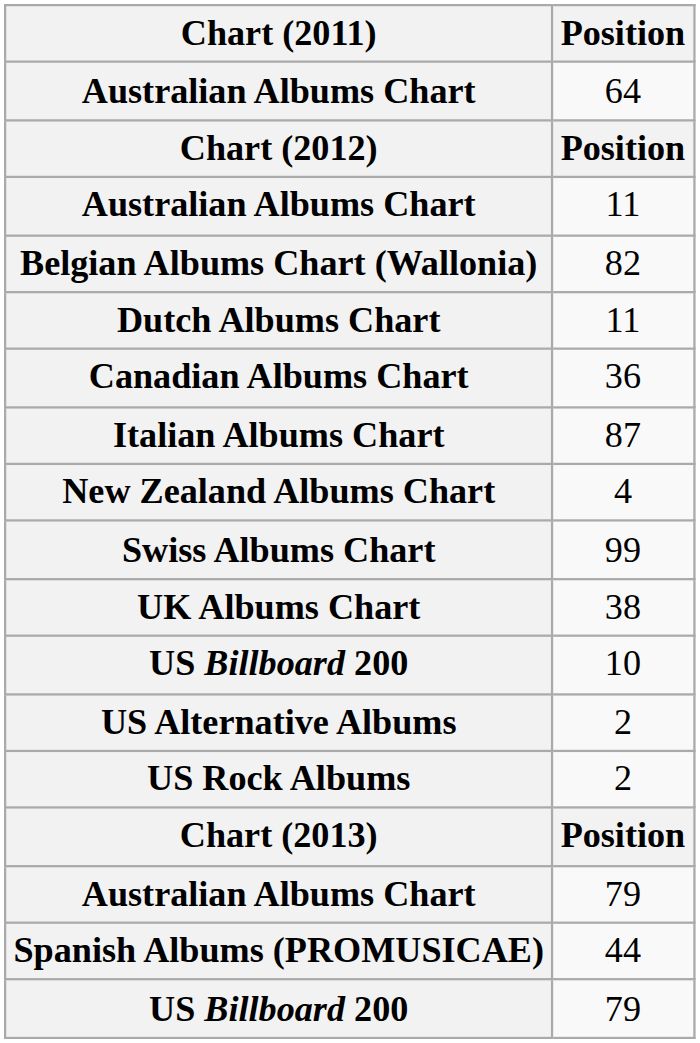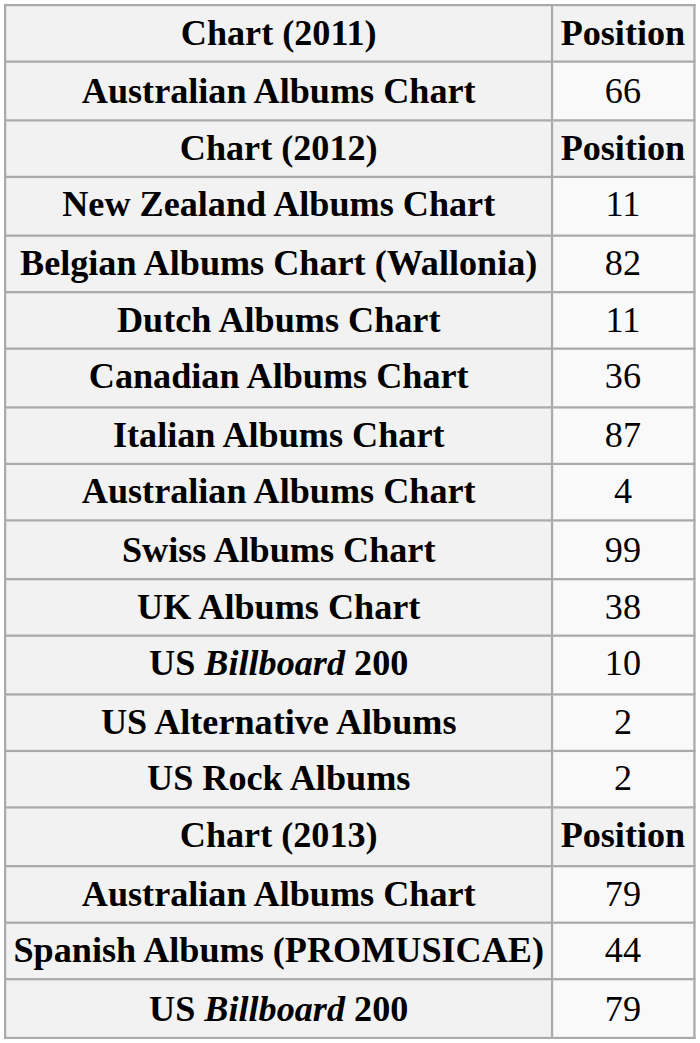 <table class="wikitable plainrowheaders" style="text-align:center;">
 <tr>
 <th scope="col">Chart (2011)</th>
 <th scope="col">Position</th>
 </tr>
 <tr>
 <th scope="row">Australian Albums Chart</th>
-<td>64</td>
+<td>66</td>
 </tr>
 <tr>
 <th>Chart (2012)</th>
 <th>Position</th>
 </tr>
 <tr>
-<th scope="row">Australian Albums Chart</th>
+<th scope="row">New Zealand Albums Chart</th>
 <td>11</td>
 </tr>
 <tr>
 <th scope="row">Belgian Albums Chart (Wallonia)</th>
 <td>82</td>
 </tr>
 <tr>
 <th scope="row">Dutch Albums Chart</th>
 <td>11</td>
 </tr>
 <tr>
 <th scope="row">Canadian Albums Chart</th>
 <td>36</td>
 </tr>
 <tr>
 <th scope="row">Italian Albums Chart</th>
 <td>87</td>
 </tr>
 <tr>
-<th scope="row">New Zealand Albums Chart</th>
+<th scope="row">Australian Albums Chart</th>
 <td>4</td>
 </tr>
 <tr>
 <th scope="row">Swiss Albums Chart</th>
 <td>99</td>
 </tr>
 <tr>
 <th scope="row">UK Albums Chart</th>
 <td>38</td>
 </tr>
 <tr>
 <th scope="row">US <em>Billboard</em> 200</th>
 <td>10</td>
 </tr>
 <tr>
 <th scope="row">US Alternative Albums</th>
 <td>2</td>
 </tr>
 <tr>
 <th scope="row">US Rock Albums</th>
 <td>2</td>
 </tr>
 <tr>
 <th scope="col">Chart (2013)</th>
 <th scope="col">Position</th>
 </tr>
 <tr>
 <th scope="row">Australian Albums Chart</th>
 <td>79</td>
 </tr>
 <tr>
 <th scope="row">Spanish Albums (PROMUSICAE)</th>
 <td>44</td>
 </tr>
 <tr>
 <th scope="row">US <em>Billboard</em> 200</th>
 <td>79</td>
 </tr>
 </table>
